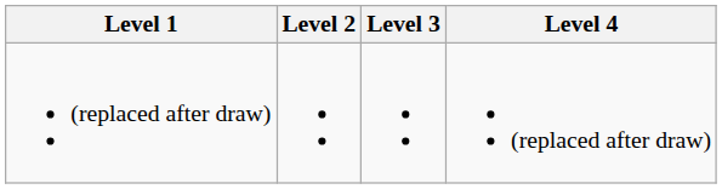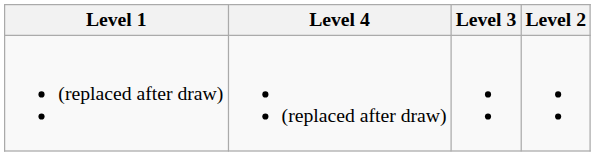 <table class="wikitable">
 <tr>
 <th>Level 1</th>
+<th>Level 4</th>
+<th>Level 3</th>
 <th>Level 2</th>
-<th>Level 3</th>
-<th>Level 4</th>
 </tr>
 <tr>
 <td><br><ul><li> (replaced  after draw) </li><li> </li></ul></td>
+<td><br><ul><li></li><li> (replaced  after draw)</li></ul></td>
 <td><br><ul><li></li><li></li></ul></td>
 <td><br><ul><li></li><li></li></ul></td>
-<td><br><ul><li></li><li> (replaced  after draw)</li></ul></td>
 </tr>
 </table>
